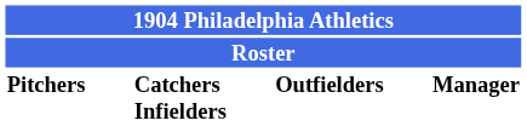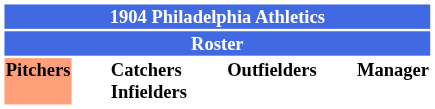 <table class="toccolours" style="font-size: 95%;">
 <tr>
 <th colspan="10" style="background-color: #4169e1; color: white; text-align: center;">1904 Philadelphia Athletics</th>
 </tr>
 <tr>
 <td colspan="10" style="background-color: #4169e1; color: white; text-align: center;"><strong>Roster</strong></td>
 </tr>
 <tr>
-<td valign="top"><strong>Pitchers</strong><br>       </td>
+<td valign="top" style="background: lightsalmon;"><strong>Pitchers</strong><br>       </td>
 <td width="25px"></td>
 <td valign="top"><strong>Catchers</strong><br>   <strong>Infielders</strong>     </td>
 <td width="25px"></td>
 <td valign="top"><strong>Outfielders</strong><br>    </td>
 <td width="25px"></td>
 <td valign="top"><strong>Manager</strong><br></td>
 </tr>
 </table>
